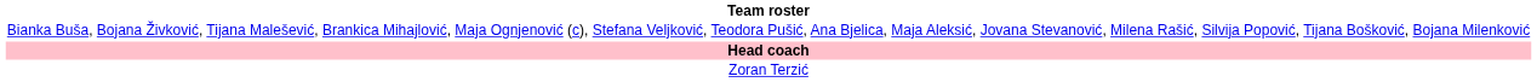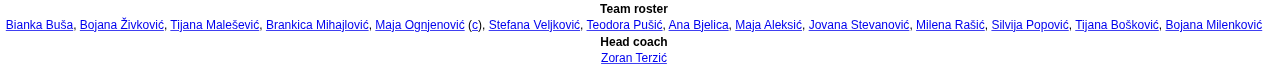 <table style="text-align: center; margin-top: 2em; margin-left: auto; margin-right: auto">
 <tr>
 <td><strong>Team roster</strong></td>
 </tr>
 <tr>
 <td><a href='#'>Bianka Buša</a>, <a href='#'>Bojana Živković</a>, <a href='#'>Tijana Malešević</a>, <a href='#'>Brankica Mihajlović</a>, <a href='#'>Maja Ognjenović</a> (<a href='#'>c</a>), <a href='#'>Stefana Veljković</a>, <a href='#'>Teodora Pušić</a>, <a href='#'>Ana Bjelica</a>, <a href='#'>Maja Aleksić</a>, <a href='#'>Jovana Stevanović</a>, <a href='#'>Milena Rašić</a>, <a href='#'>Silvija Popović</a>, <a href='#'>Tijana Bošković</a>, <a href='#'>Bojana Milenković</a></td>
 </tr>
 <tr>
-<td style="background: pink;"><strong>Head coach</strong></td>
+<td><strong>Head coach</strong></td>
 </tr>
 <tr>
 <td><a href='#'>Zoran Terzić</a></td>
 </tr>
 <tr>
 </tr>
 </table>
